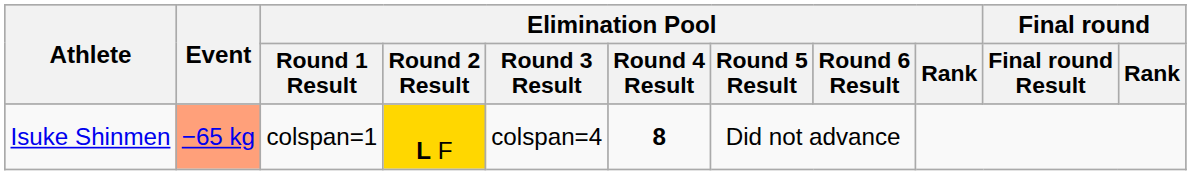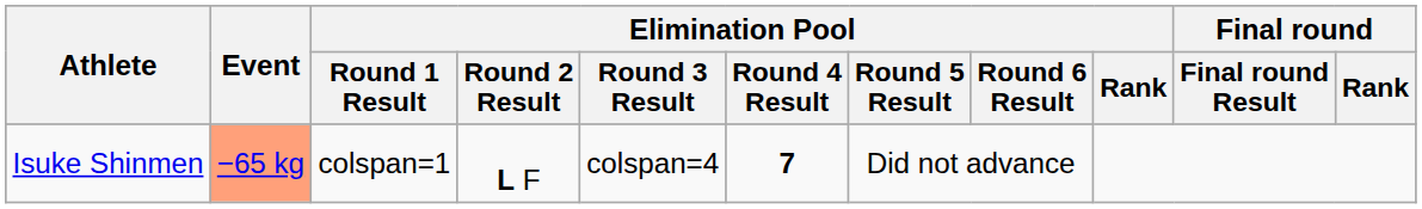 <table class="wikitable" style="font-size:90%">
 <tr>
 <th rowspan="2">Athlete</th>
 <th rowspan="2">Event</th>
 <th colspan=7>Elimination Pool</th>
 <th colspan=2>Final round</th>
 </tr>
 <tr style="font-size: 95%">
 <th>Round 1<br>Result</th>
 <th>Round 2<br>Result</th>
 <th>Round 3<br>Result</th>
 <th>Round 4<br>Result</th>
 <th>Round 5<br>Result</th>
 <th>Round 6<br>Result</th>
 <th>Rank</th>
 <th>Final round<br>Result</th>
 <th>Rank</th>
 </tr>
 <tr align=center>
 <td align=left><a href='#'>Isuke Shinmen</a></td>
 <td align=left style="background: lightsalmon;"><a href='#'>−65 kg</a></td>
 <td>colspan=1 </td>
-<td style="background: gold;"><br><strong>L</strong> F</td>
+<td><br><strong>L</strong> F</td>
 <td>colspan=4 </td>
-<td><strong>8</strong></td>
+<td><strong>7</strong></td>
 <td colspan=2>Did not advance</td>
 </tr>
 </table>
